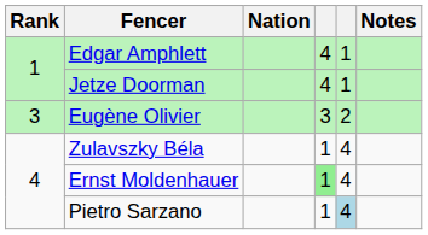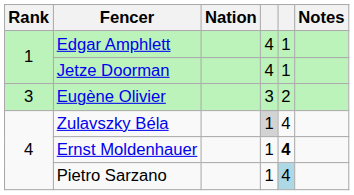 <table class="wikitable sortable" style="text-align:center">
 <tr>
 <th>Rank</th>
 <th>Fencer</th>
 <th>Nation</th>
 <th></th>
 <th></th>
 <th>Notes</th>
 </tr>
 <tr bgcolor=bbf3bb>
 <td rowspan=2>1</td>
 <td align=left><a href='#'>Edgar Amphlett</a></td>
 <td align=left></td>
 <td>4</td>
 <td>1</td>
 <td></td>
 </tr>
 <tr bgcolor=bbf3bb>
 <td align=left><a href='#'>Jetze Doorman</a></td>
 <td align=left></td>
 <td>4</td>
 <td>1</td>
 <td></td>
 </tr>
 <tr bgcolor=bbf3bb>
 <td>3</td>
 <td align=left><a href='#'>Eugène Olivier</a></td>
 <td align=left></td>
 <td>3</td>
 <td>2</td>
 <td></td>
 </tr>
 <tr>
 <td rowspan=3>4</td>
 <td align=left><a href='#'>Zulavszky Béla</a></td>
 <td align=left></td>
-<td>1</td>
+<td style="background: lightgrey;">1</td>
 <td>4</td>
 <td></td>
 </tr>
 <tr>
 <td align=left><a href='#'>Ernst Moldenhauer</a></td>
 <td align=left></td>
-<td style="background: lightgreen;">1</td>
-<td>4</td>
+<td>1</td>
+<td><strong>4</strong></td>
 <td></td>
 </tr>
 <tr>
 <td align=left>Pietro Sarzano</td>
 <td align=left></td>
 <td>1</td>
 <td style="background: lightblue;">4</td>
 <td></td>
 </tr>
 </table>
